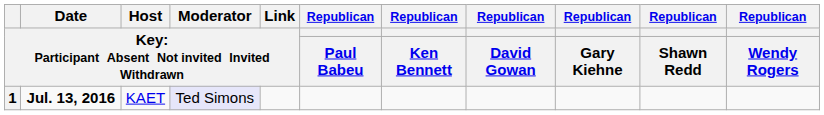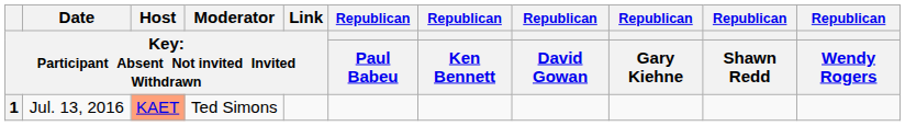 <table class="wikitable" style="text-align:center;">
 <tr>
 <th scope="col"></th>
 <th scope="col">Date</th>
 <th scope="col">Host</th>
 <th scope="col">Moderator</th>
 <th scope="col">Link</th>
 <th scope="col"><small><a href='#'>Republican</a></small></th>
 <th scope="col"><small><a href='#'>Republican</a></small></th>
 <th scope="col"><small><a href='#'>Republican</a></small></th>
 <th scope="col"><small><a href='#'>Republican</a></small></th>
 <th scope="col"><small><a href='#'>Republican</a></small></th>
 <th scope="col"><small><a href='#'>Republican</a></small></th>
 </tr>
 <tr>
 <th colspan="5" rowspan="2">Key:<br> <small>Participant </small>  <small>Absent </small>  <small>Not invited </small>  <small>Invited  Withdrawn</small></th>
 <th scope="col" style="background:"></th>
 <th scope="col" style="background:"></th>
 <th scope="col" style="background:"></th>
 <th scope="col" style="background:"></th>
 <th scope="col" style="background:"></th>
 <th scope="col" style="background:"></th>
 </tr>
 <tr>
 <th scope="col"><a href='#'>Paul Babeu</a></th>
 <th scope="col"><a href='#'>Ken Bennett</a></th>
 <th scope="col"><a href='#'>David Gowan</a></th>
 <th scope="col">Gary Kiehne</th>
 <th scope="col">Shawn Redd</th>
 <th scope="col"><a href='#'>Wendy Rogers</a></th>
 </tr>
 <tr>
 <th>1</th>
-<td style="white-space:nowrap;"><strong>Jul. 13, 2016</strong></td>
-<td style="white-space:nowrap;"><a href='#'>KAET</a></td>
-<td style="background: lavender; white-space:nowrap;">Ted Simons</td>
+<td style="white-space:nowrap;">Jul. 13, 2016</td>
+<td style="background: lightsalmon; white-space:nowrap;"><a href='#'>KAET</a></td>
+<td style="white-space:nowrap;">Ted Simons</td>
 <td style="white-space:nowrap;"></td>
 <td></td>
 <td></td>
 <td></td>
 <td></td>
 <td></td>
 <td></td>
 </tr>
 </table>
